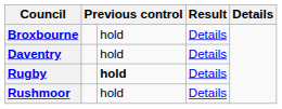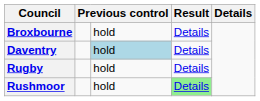 <table class="wikitable">
 <tr>
 <th scope="col">Council</th>
 <th colspan=2>Previous control</th>
 <th colspan=2>Result</th>
 <th scope="col" class="unsortable">Details</th>
 </tr>
 <tr>
 <th scope="row" style="text-align: left;"><a href='#'>Broxbourne</a></th>
 <td></td>
 <td> hold</td>
 <td><a href='#'>Details</a></td>
 </tr>
 <tr>
 <th scope="row" style="text-align: left;"><a href='#'>Daventry</a></th>
 <td></td>
-<td> hold</td>
+<td style="background: lightblue;"> hold</td>
 <td><a href='#'>Details</a></td>
 </tr>
 <tr>
 <th scope="row" style="text-align: left;"><a href='#'>Rugby</a></th>
 <td></td>
-<td><strong> hold</strong></td>
+<td> hold</td>
 <td><a href='#'>Details</a></td>
 </tr>
 <tr>
 <th scope="row" style="text-align: left;"><a href='#'>Rushmoor</a></th>
 <td></td>
 <td> hold</td>
-<td><a href='#'>Details</a></td>
+<td style="background: lightgreen;"><a href='#'>Details</a></td>
 </tr>
 </table>
